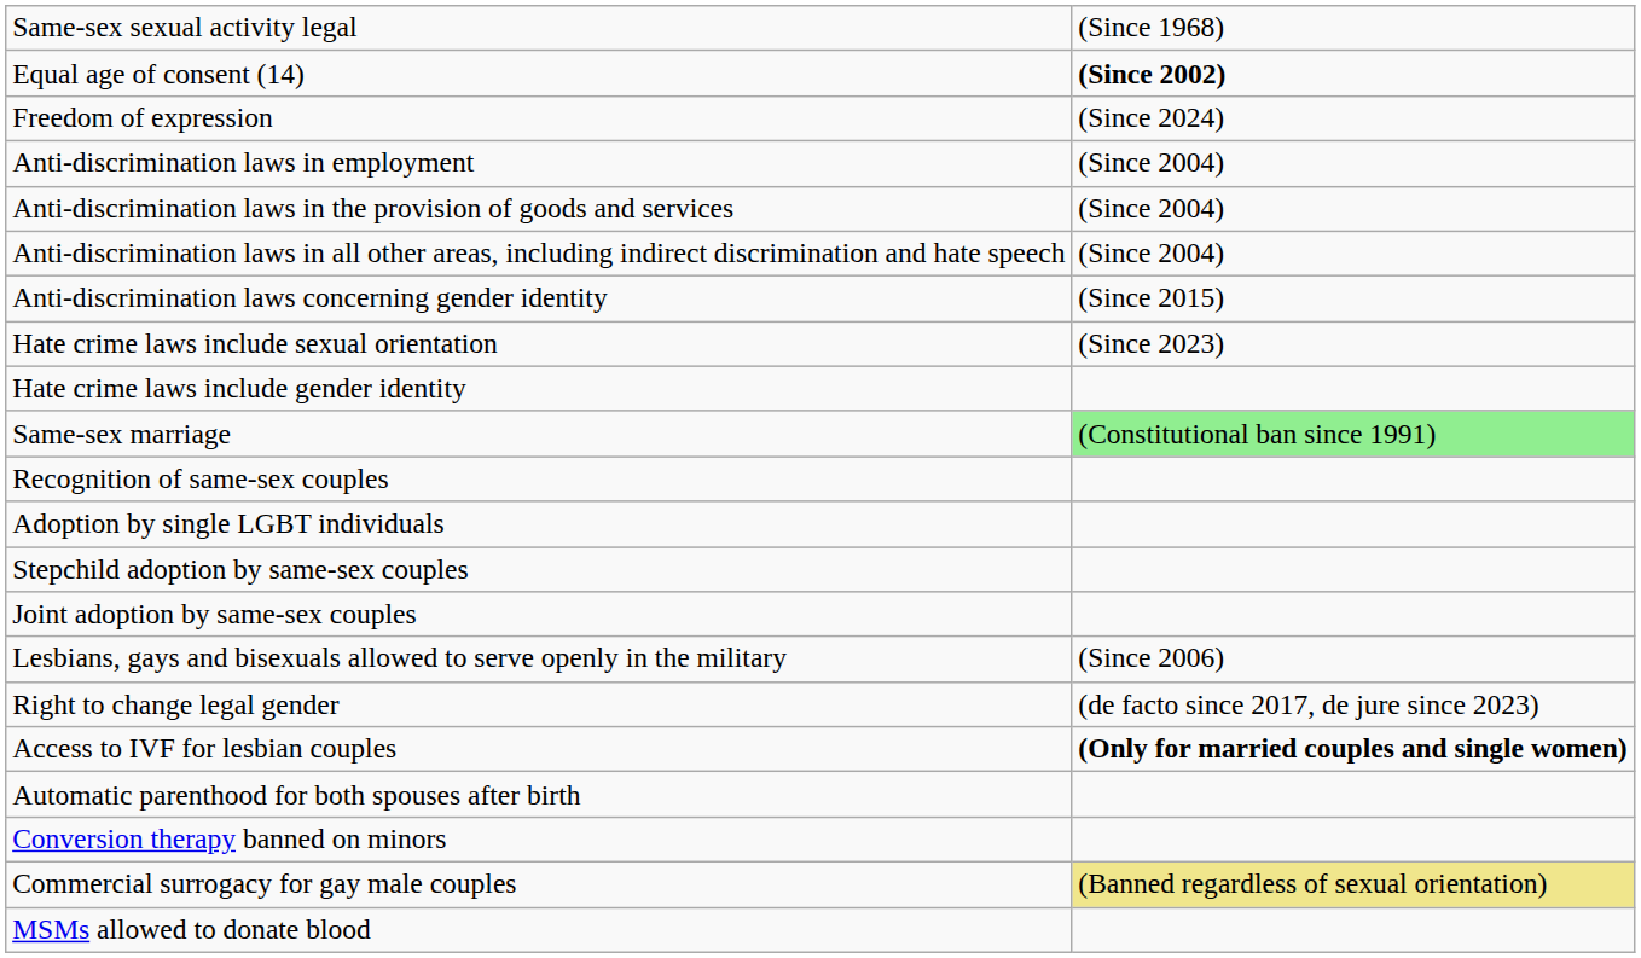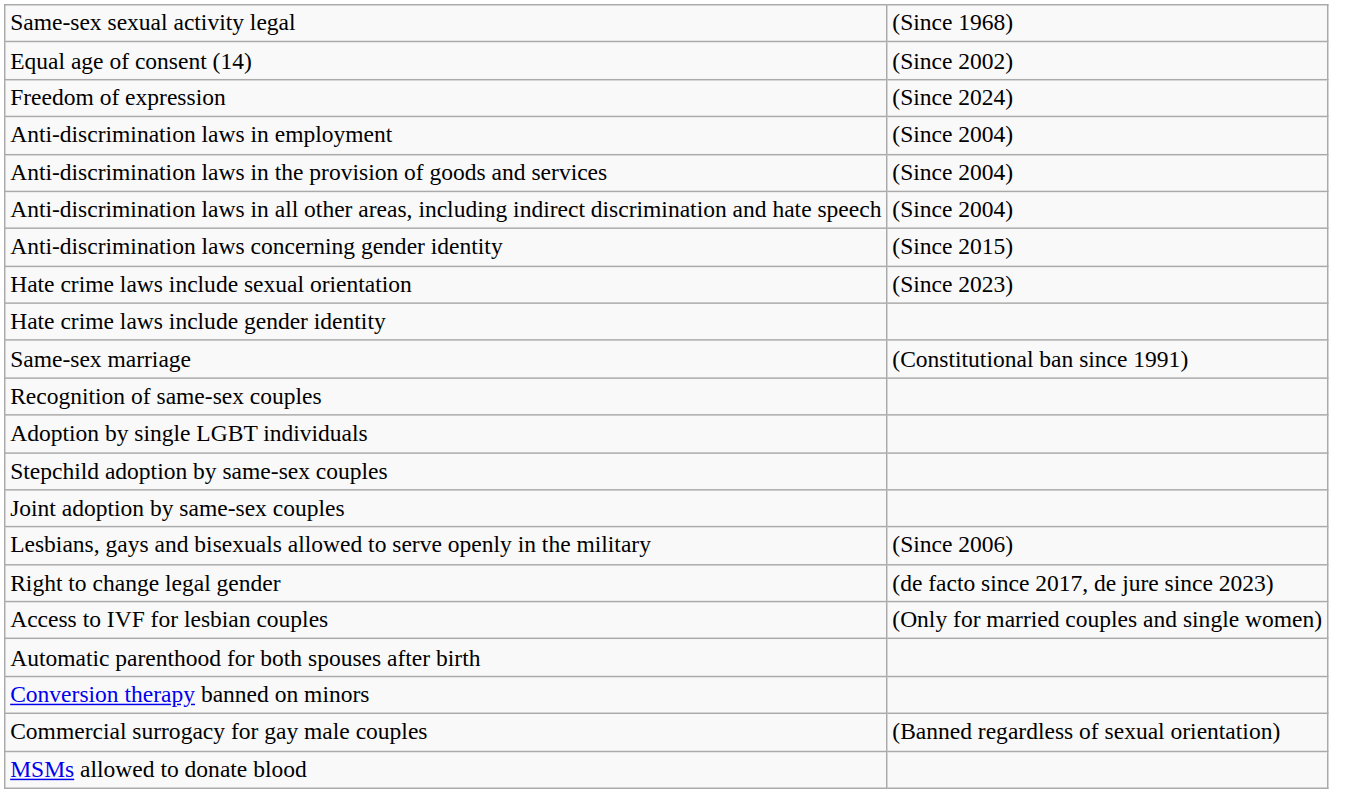 <table class="wikitable">
 <tr>
 <td>Same-sex sexual activity legal</td>
 <td> (Since 1968)</td>
 </tr>
 <tr>
 <td>Equal age of consent (14)</td>
-<td><strong> (Since 2002)</strong></td>
+<td> (Since 2002)</td>
 </tr>
 <tr>
 <td>Freedom of expression</td>
 <td> (Since 2024)</td>
 </tr>
 <tr>
 <td>Anti-discrimination laws in employment</td>
 <td> (Since 2004)</td>
 </tr>
 <tr>
 <td>Anti-discrimination laws in the provision of goods and services</td>
 <td> (Since 2004)</td>
 </tr>
 <tr>
 <td>Anti-discrimination laws in all other areas, including indirect discrimination and hate speech</td>
 <td> (Since 2004)</td>
 </tr>
 <tr>
 <td>Anti-discrimination laws concerning gender identity</td>
 <td> (Since 2015)</td>
 </tr>
 <tr>
 <td>Hate crime laws include sexual orientation</td>
 <td> (Since 2023)</td>
 </tr>
 <tr>
 <td>Hate crime laws include gender identity</td>
 <td></td>
 </tr>
 <tr>
 <td>Same-sex marriage</td>
-<td style="background: lightgreen;"> (Constitutional ban since 1991)</td>
+<td> (Constitutional ban since 1991)</td>
 </tr>
 <tr>
 <td>Recognition of same-sex couples</td>
 <td></td>
 </tr>
 <tr>
 <td>Adoption by single LGBT individuals</td>
 <td></td>
 </tr>
 <tr>
 <td>Stepchild adoption by same-sex couples</td>
 <td></td>
 </tr>
 <tr>
 <td>Joint adoption by same-sex couples</td>
 <td></td>
 </tr>
 <tr>
 <td>Lesbians, gays and bisexuals allowed to serve openly in the military</td>
 <td> (Since 2006)</td>
 </tr>
 <tr>
 <td>Right to change legal gender</td>
 <td> (de facto since 2017, de jure since 2023)</td>
 </tr>
 <tr>
 <td>Access to IVF for lesbian couples</td>
-<td><strong> (Only for married couples and single women)</strong></td>
+<td> (Only for married couples and single women)</td>
 </tr>
 <tr>
 <td>Automatic parenthood for both spouses after birth</td>
 <td></td>
 </tr>
 <tr>
 <td><a href='#'>Conversion therapy</a> banned on minors</td>
 <td></td>
 </tr>
 <tr>
 <td>Commercial surrogacy for gay male couples</td>
-<td style="background: khaki;"> (Banned regardless of sexual orientation)</td>
+<td> (Banned regardless of sexual orientation)</td>
 </tr>
 <tr>
 <td><a href='#'>MSMs</a> allowed to donate blood</td>
 <td></td>
 </tr>
 </table>
